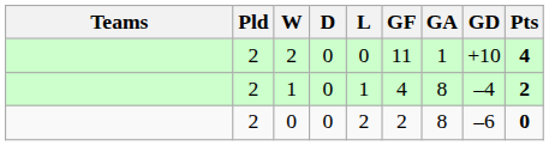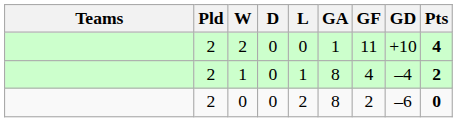 <table class="wikitable" style="text-align: center;">
 <tr>
 <th width=165>Teams</th>
 <th width=20>Pld</th>
 <th width=20>W</th>
 <th width=20>D</th>
 <th width=20>L</th>
+<th width=20>GA</th>
 <th width=20>GF</th>
-<th width=20>GA</th>
 <th width=20>GD</th>
 <th width=20>Pts</th>
 </tr>
 <tr align=center style="background:#ccffcc;">
 <td style="text-align:left;"></td>
 <td>2</td>
 <td>2</td>
 <td>0</td>
 <td>0</td>
+<td>1</td>
 <td>11</td>
-<td>1</td>
 <td>+10</td>
 <td><strong>4</strong></td>
 </tr>
 <tr align=center style="background:#ccffcc;">
 <td style="text-align:left;"></td>
 <td>2</td>
 <td>1</td>
 <td>0</td>
 <td>1</td>
+<td>8</td>
 <td>4</td>
-<td>8</td>
 <td>–4</td>
 <td><strong>2</strong></td>
 </tr>
 <tr align=center>
 <td style="text-align:left;"></td>
 <td>2</td>
 <td>0</td>
 <td>0</td>
 <td>2</td>
+<td>8</td>
 <td>2</td>
-<td>8</td>
 <td>–6</td>
 <td><strong>0</strong></td>
 </tr>
 </table>
